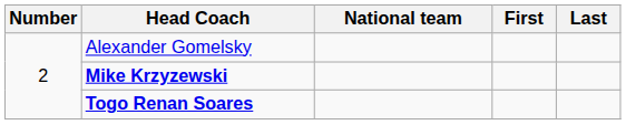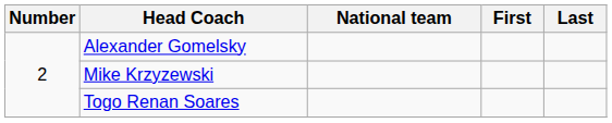 <table class="wikitable">
 <tr>
 <th>Number</th>
 <th style="width:200px">Head Coach</th>
 <th style="width:150px">National team</th>
 <th style="width:50px">First</th>
 <th style="width:50px">Last</th>
 </tr>
 <tr>
 <td rowspan=3 style="text-align:center;">2</td>
 <td> <a href='#'>Alexander Gomelsky</a></td>
 <td></td>
 <td></td>
 <td></td>
 </tr>
 <tr>
-<td><strong> <a href='#'>Mike Krzyzewski</a></strong></td>
+<td> <a href='#'>Mike Krzyzewski</a></td>
 <td></td>
 <td></td>
 <td></td>
 </tr>
 <tr>
-<td><strong> <a href='#'>Togo Renan Soares</a></strong></td>
+<td> <a href='#'>Togo Renan Soares</a></td>
 <td></td>
 <td></td>
 <td></td>
 </tr>
 <tr>
 </tr>
 </table>
